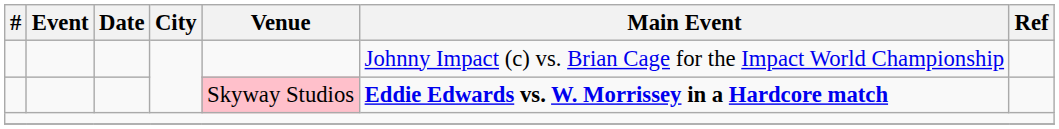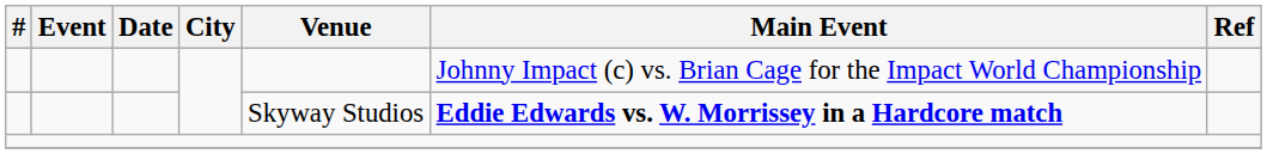 <table class="wikitable sortable" align="center">
 <tr>
 <th>#</th>
 <th>Event</th>
 <th>Date</th>
 <th>City</th>
 <th>Venue</th>
 <th>Main Event</th>
 <th>Ref</th>
 </tr>
 <tr>
 <td></td>
 <td></td>
 <td></td>
 <td rowspan="2"></td>
 <td></td>
 <td align="left"><a href='#'>Johnny Impact</a> (c) vs. <a href='#'>Brian Cage</a> for the <a href='#'>Impact World Championship</a></td>
 <td></td>
 </tr>
 <tr>
 <td></td>
 <td></td>
 <td></td>
-<td style="background: pink;">Skyway Studios</td>
+<td>Skyway Studios</td>
 <td align="left"><strong><a href='#'>Eddie Edwards</a> vs. <a href='#'>W. Morrissey</a> in a <a href='#'>Hardcore match</a></strong></td>
 <td></td>
 </tr>
 <tr>
 <td colspan="7"></td>
 </tr>
 <tr>
 </tr>
 </table>
